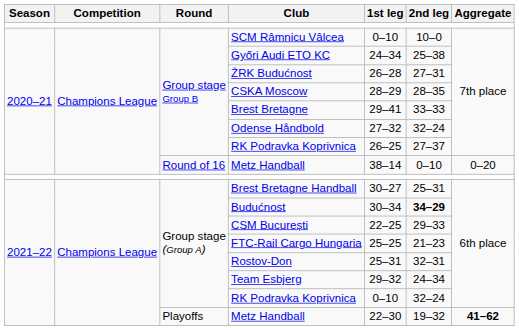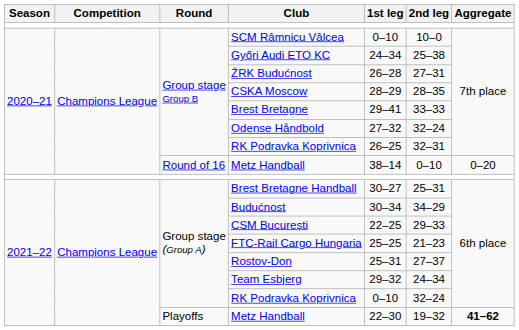 <table class="wikitable">
 <tr>
 <th>Season</th>
 <th>Competition</th>
 <th>Round</th>
 <th>Club</th>
 <th>1st leg</th>
 <th>2nd leg</th>
 <th>Aggregate</th>
 </tr>
 <tr>
 <td colspan=7 style="text-align: center;" bgcolor=white></td>
 </tr>
 <tr>
 <td rowspan=8><a href='#'>2020–21</a></td>
 <td rowspan=8><a href='#'>Champions League</a></td>
 <td rowspan=7><a href='#'>Group stage <br><small>Group B</small></a></td>
 <td> <a href='#'>SCM Râmnicu Vâlcea</a></td>
 <td style="text-align:center;">0–10</td>
 <td style="text-align:center;">10–0</td>
 <td align=center rowspan=7>7th place</td>
 </tr>
 <tr>
 <td> <a href='#'>Győri Audi ETO KC</a></td>
 <td style="text-align:center;">24–34</td>
 <td style="text-align:center;">25–38</td>
 </tr>
 <tr>
 <td> <a href='#'>ŽRK Budućnost</a></td>
 <td style="text-align:center;">26–28</td>
 <td style="text-align:center;">27–31</td>
 </tr>
 <tr>
 <td> <a href='#'>CSKA Moscow</a></td>
 <td style="text-align:center;">28–29</td>
 <td style="text-align:center;">28–35</td>
 </tr>
 <tr>
 <td> <a href='#'>Brest Bretagne</a></td>
 <td style="text-align:center;">29–41</td>
 <td style="text-align:center;">33–33</td>
 </tr>
 <tr>
 <td> <a href='#'>Odense Håndbold</a></td>
 <td style="text-align:center;">27–32</td>
 <td style="text-align:center;">32–24</td>
 </tr>
 <tr>
 <td> <a href='#'>RK Podravka Koprivnica</a></td>
 <td style="text-align:center;">26–25</td>
-<td style="text-align:center;">27–37</td>
+<td style="text-align:center;">32–31</td>
 </tr>
 <tr>
 <td><a href='#'>Round of 16</a></td>
 <td> <a href='#'>Metz Handball</a></td>
 <td style="text-align:center;">38–14</td>
 <td style="text-align:center;">0–10</td>
 <td style="text-align:center;">0–20</td>
 </tr>
 <tr>
 <td colspan=7 style="text-align: center;" bgcolor=white></td>
 </tr>
 <tr>
 <td rowspan=8><a href='#'>2021–22</a></td>
 <td rowspan=8><a href='#'>Champions League</a></td>
 <td rowspan=7>Group stage<br><em>(<small>Group A</small>)</em></td>
 <td> <a href='#'>Brest Bretagne Handball</a></td>
 <td style="text-align:center;">30–27</td>
 <td style="text-align:center;">25–31</td>
 <td align=center rowspan=7>6th place</td>
 </tr>
 <tr>
 <td> <a href='#'>Budućnost</a></td>
 <td style="text-align:center;">30–34</td>
-<td style="text-align:center;"><strong>34–29</strong></td>
+<td style="text-align:center;">34–29</td>
 </tr>
 <tr>
 <td> <a href='#'>CSM București</a></td>
 <td style="text-align:center;">22–25</td>
 <td style="text-align:center;">29–33</td>
 </tr>
 <tr>
 <td> <a href='#'>FTC-Rail Cargo Hungaria</a></td>
 <td style="text-align:center;">25–25</td>
 <td style="text-align:center;">21–23</td>
 </tr>
 <tr>
 <td> <a href='#'>Rostov-Don</a></td>
 <td style="text-align:center;">25–31</td>
-<td style="text-align:center;">32–31</td>
+<td style="text-align:center;">27–37</td>
 </tr>
 <tr>
 <td> <a href='#'>Team Esbjerg</a></td>
 <td style="text-align:center;">29–32</td>
 <td style="text-align:center;">24–34</td>
 </tr>
 <tr>
 <td> <a href='#'>RK Podravka Koprivnica</a></td>
 <td style="text-align:center;">0–10</td>
 <td style="text-align:center;">32–24</td>
 </tr>
 <tr>
 <td>Playoffs</td>
 <td> <a href='#'>Metz Handball</a></td>
 <td style="text-align:center;">22–30</td>
 <td style="text-align:center;">19–32</td>
 <td style="text-align:center;"><strong>41–62</strong></td>
 </tr>
 </table>
